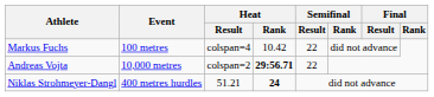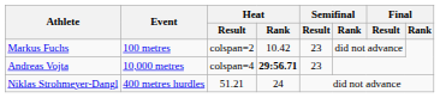 <table class=wikitable style=font-size:90%>
 <tr>
 <th rowspan=2>Athlete</th>
 <th rowspan=2>Event</th>
 <th colspan=2>Heat</th>
 <th colspan=2>Semifinal</th>
 <th colspan=2>Final</th>
 </tr>
 <tr style=font-size:95%>
 <th>Result</th>
 <th>Rank</th>
 <th>Result</th>
 <th>Rank</th>
 <th>Result</th>
 <th>Rank</th>
 </tr>
 <tr align=center>
 <td align=left><a href='#'>Markus Fuchs</a></td>
 <td align=left><a href='#'>100 metres</a></td>
-<td>colspan=4</td>
+<td>colspan=2</td>
 <td>10.42</td>
-<td>22</td>
+<td>23</td>
 <td colspan=2>did not advance</td>
 </tr>
 <tr align=center>
 <td align=left><a href='#'>Andreas Vojta</a></td>
 <td align=left><a href='#'>10,000 metres</a></td>
-<td>colspan=2</td>
+<td>colspan=4</td>
 <td><strong>29:56.71</strong></td>
-<td>22</td>
+<td>23</td>
 </tr>
 <tr align=center>
 <td align=left><a href='#'>Niklas Strohmeyer-Dangl</a></td>
 <td align=left><a href='#'>400 metres hurdles</a></td>
 <td>51.21</td>
-<td><strong>24</strong></td>
+<td>24</td>
 <td colspan=4>did not advance</td>
 </tr>
 </table>
